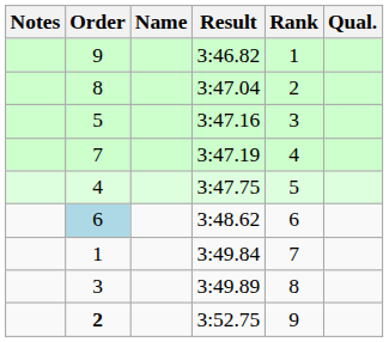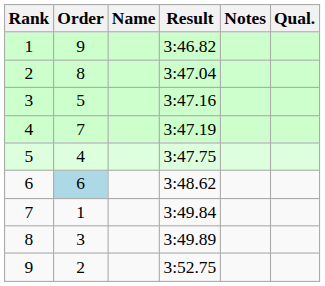 <table class="wikitable sortable" style="text-align:center">
 <tr>
-<th>Notes</th>
+<th>Rank</th>
 <th>Order</th>
 <th>Name</th>
 <th>Result</th>
-<th>Rank</th>
+<th>Notes</th>
 <th>Qual.</th>
 </tr>
 <tr bgcolor=ccffcc>
-<td></td>
+<td>1</td>
 <td>9</td>
 <td align="left"></td>
 <td>3:46.82</td>
-<td>1</td>
+<td></td>
 <td></td>
 </tr>
 <tr bgcolor=ccffcc>
-<td></td>
+<td>2</td>
 <td>8</td>
 <td align="left"></td>
 <td>3:47.04</td>
-<td>2</td>
+<td></td>
 <td></td>
 </tr>
 <tr bgcolor=ccffcc>
-<td></td>
+<td>3</td>
 <td>5</td>
 <td align="left"></td>
 <td>3:47.16</td>
-<td>3</td>
+<td></td>
 <td></td>
 </tr>
 <tr bgcolor=ccffcc>
-<td></td>
+<td>4</td>
 <td>7</td>
 <td align="left"></td>
 <td>3:47.19</td>
-<td>4</td>
+<td></td>
 <td></td>
 </tr>
 <tr bgcolor=ddffdd>
-<td></td>
+<td>5</td>
 <td>4</td>
 <td align="left"></td>
 <td>3:47.75</td>
-<td>5</td>
+<td></td>
 <td></td>
 </tr>
 <tr>
-<td></td>
+<td>6</td>
 <td style="background: lightblue;">6</td>
 <td align="left"></td>
 <td>3:48.62</td>
-<td>6</td>
+<td></td>
 <td></td>
 </tr>
 <tr>
-<td></td>
+<td>7</td>
 <td>1</td>
 <td align="left"></td>
 <td>3:49.84</td>
-<td>7</td>
+<td></td>
 <td></td>
 </tr>
 <tr>
-<td></td>
+<td>8</td>
 <td>3</td>
 <td align="left"></td>
 <td>3:49.89</td>
-<td>8</td>
+<td></td>
 <td></td>
 </tr>
 <tr>
-<td></td>
-<td><strong>2</strong></td>
+<td>9</td>
+<td>2</td>
 <td align="left"></td>
 <td>3:52.75</td>
-<td>9</td>
+<td></td>
 <td></td>
 </tr>
 </table>
